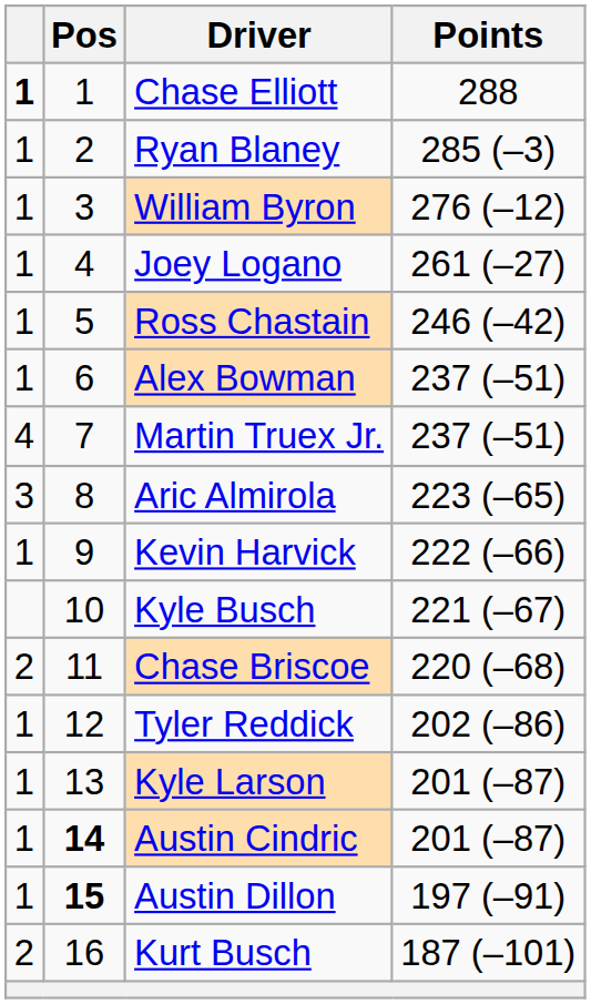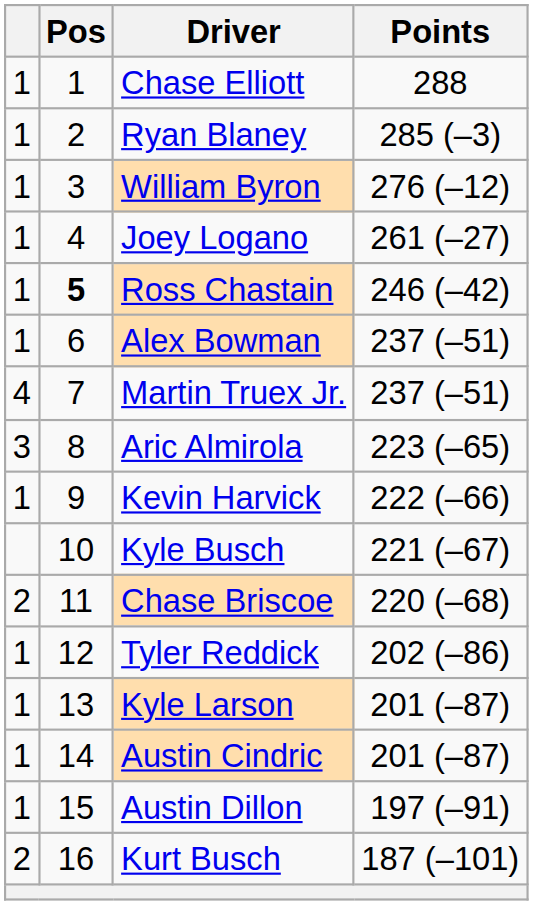 <table class="wikitable" style="font-size: 95%">
 <tr>
 <th></th>
 <th>Pos</th>
 <th>Driver</th>
 <th>Points</th>
 </tr>
 <tr>
-<td align="left"><strong> 1</strong></td>
+<td align="left"> 1</td>
 <td style="text-align:center;">1</td>
 <td><a href='#'>Chase Elliott</a></td>
 <td style="text-align:center;">288</td>
 </tr>
 <tr>
 <td align="left"> 1</td>
 <td style="text-align:center;">2</td>
 <td><a href='#'>Ryan Blaney</a></td>
 <td style="text-align:center;">285 (–3)</td>
 </tr>
 <tr>
 <td align="left"> 1</td>
 <td style="text-align:center;">3</td>
 <td style="background:#FFDEAD;"><a href='#'>William Byron</a></td>
 <td style="text-align:center;">276 (–12)</td>
 </tr>
 <tr>
 <td align="left"> 1</td>
 <td style="text-align:center;">4</td>
 <td><a href='#'>Joey Logano</a></td>
 <td style="text-align:center;">261 (–27)</td>
 </tr>
 <tr>
 <td align="left"> 1</td>
-<td style="text-align:center;">5</td>
+<td style="text-align:center;"><strong>5</strong></td>
 <td style="background:#FFDEAD;"><a href='#'>Ross Chastain</a></td>
 <td style="text-align:center;">246 (–42)</td>
 </tr>
 <tr>
 <td align="left"> 1</td>
 <td style="text-align:center;">6</td>
 <td style="background:#FFDEAD;"><a href='#'>Alex Bowman</a></td>
 <td style="text-align:center;">237 (–51)</td>
 </tr>
 <tr>
 <td align="left"> 4</td>
 <td style="text-align:center;">7</td>
 <td><a href='#'>Martin Truex Jr.</a></td>
 <td style="text-align:center;">237 (–51)</td>
 </tr>
 <tr>
 <td align="left"> 3</td>
 <td style="text-align:center;">8</td>
 <td><a href='#'>Aric Almirola</a></td>
 <td style="text-align:center;">223 (–65)</td>
 </tr>
 <tr>
 <td align="left"> 1</td>
 <td style="text-align:center;">9</td>
 <td><a href='#'>Kevin Harvick</a></td>
 <td style="text-align:center;">222 (–66)</td>
 </tr>
 <tr>
 <td align="left"></td>
 <td style="text-align:center;">10</td>
 <td><a href='#'>Kyle Busch</a></td>
 <td style="text-align:center;">221 (–67)</td>
 </tr>
 <tr>
 <td align="left"> 2</td>
 <td style="text-align:center;">11</td>
 <td style="background:#FFDEAD;"><a href='#'>Chase Briscoe</a></td>
 <td style="text-align:center;">220 (–68)</td>
 </tr>
 <tr>
 <td align="left"> 1</td>
 <td style="text-align:center;">12</td>
 <td><a href='#'>Tyler Reddick</a></td>
 <td style="text-align:center;">202 (–86)</td>
 </tr>
 <tr>
 <td align="left"> 1</td>
 <td style="text-align:center;">13</td>
 <td style="background:#FFDEAD;"><a href='#'>Kyle Larson</a></td>
 <td style="text-align:center;">201 (–87)</td>
 </tr>
 <tr>
 <td align="left"> 1</td>
-<td style="text-align:center;"><strong>14</strong></td>
+<td style="text-align:center;">14</td>
 <td style="background:#FFDEAD;"><a href='#'>Austin Cindric</a></td>
 <td style="text-align:center;">201 (–87)</td>
 </tr>
 <tr>
 <td align="left"> 1</td>
-<td style="text-align:center;"><strong>15</strong></td>
+<td style="text-align:center;">15</td>
 <td><a href='#'>Austin Dillon</a></td>
 <td style="text-align:center;">197 (–91)</td>
 </tr>
 <tr>
 <td align="left"> 2</td>
 <td style="text-align:center;">16</td>
 <td><a href='#'>Kurt Busch</a></td>
 <td style="text-align:center;">187 (–101)</td>
 </tr>
 <tr class="sortbottom">
 <th colspan="9"></th>
 </tr>
 </table>
